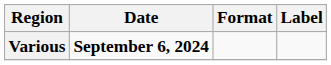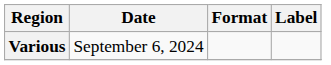 <table class="wikitable plainrowheaders">
 <tr>
 <th scope="col">Region</th>
 <th scope="col">Date</th>
 <th scope="col">Format</th>
 <th scope="col">Label</th>
 </tr>
 <tr>
 <th scope="row">Various </th>
-<td><strong>September 6, 2024</strong></td>
+<td>September 6, 2024</td>
 <td></td>
 <td></td>
 </tr>
 <tr>
 </tr>
 </table>
